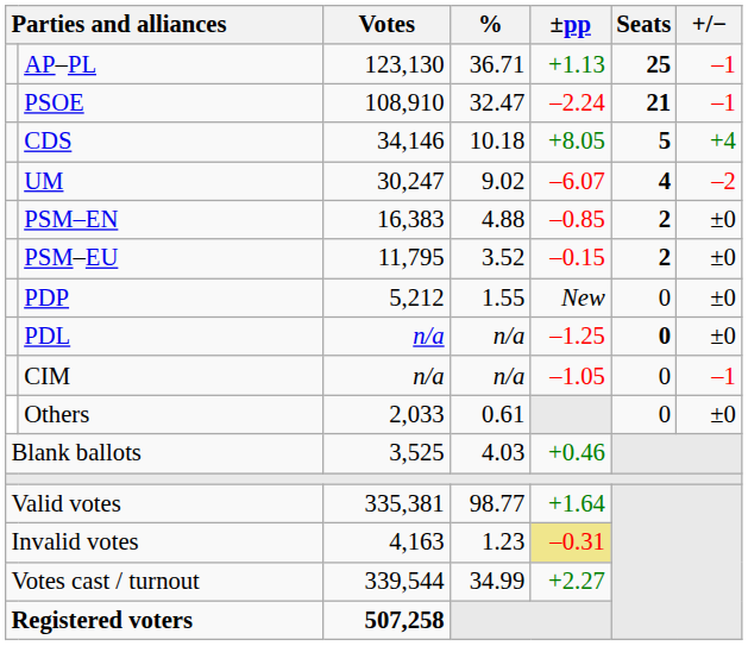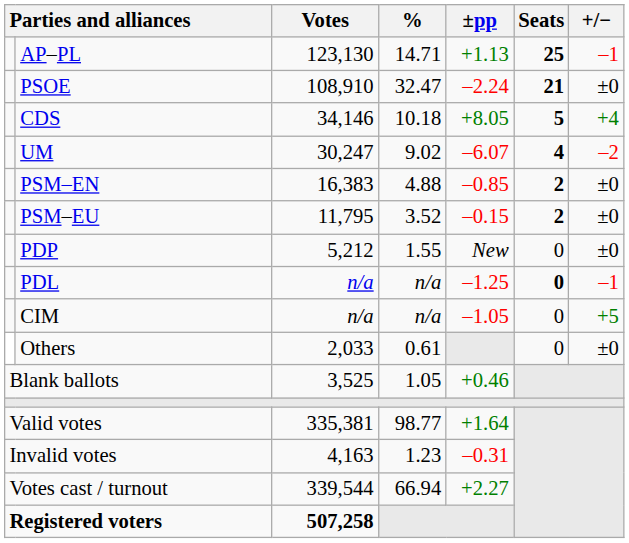 <table class="wikitable" style="text-align:right;">
 <tr>
 <th style="text-align:left;" colspan="2" width="200">Parties and alliances</th>
 <th width="75">Votes</th>
 <th width="45">%</th>
 <th width="45">±<a href='#'>pp</a></th>
 <th width="35">Seats</th>
 <th width="35">+/−</th>
 </tr>
 <tr>
 <td width="1" style="color:inherit;background:"></td>
 <td align="left"><a href='#'>AP</a>–<a href='#'>PL</a></td>
 <td>123,130</td>
-<td>36.71</td>
+<td>14.71</td>
 <td style="color:green;">+1.13</td>
 <td><strong>25</strong></td>
 <td style="color:red;">–1</td>
 </tr>
 <tr>
 <td style="color:inherit;background:"></td>
 <td align="left"><a href='#'>PSOE</a></td>
 <td>108,910</td>
 <td>32.47</td>
 <td style="color:red;">–2.24</td>
 <td><strong>21</strong></td>
-<td style="color:red;">–1</td>
+<td>±0</td>
 </tr>
 <tr>
 <td style="color:inherit;background:"></td>
 <td align="left"><a href='#'>CDS</a></td>
 <td>34,146</td>
 <td>10.18</td>
 <td style="color:green;">+8.05</td>
 <td><strong>5</strong></td>
 <td style="color:green;">+4</td>
 </tr>
 <tr>
 <td style="color:inherit;background:"></td>
 <td align="left"><a href='#'>UM</a></td>
 <td>30,247</td>
 <td>9.02</td>
 <td style="color:red;">–6.07</td>
 <td><strong>4</strong></td>
 <td style="color:red;">–2</td>
 </tr>
 <tr>
 <td style="color:inherit;background:"></td>
 <td align="left"><a href='#'>PSM–EN</a></td>
 <td>16,383</td>
 <td>4.88</td>
 <td style="color:red;">–0.85</td>
 <td><strong>2</strong></td>
 <td>±0</td>
 </tr>
 <tr>
 <td style="color:inherit;background:"></td>
 <td align="left"><a href='#'>PSM</a>–<a href='#'>EU</a></td>
 <td>11,795</td>
 <td>3.52</td>
 <td style="color:red;">–0.15</td>
 <td><strong>2</strong></td>
 <td>±0</td>
 </tr>
 <tr>
 <td style="color:inherit;background:"></td>
 <td align="left"><a href='#'>PDP</a></td>
 <td>5,212</td>
 <td>1.55</td>
 <td><em>New</em></td>
 <td>0</td>
 <td>±0</td>
 </tr>
 <tr>
 <td style="color:inherit;background:"></td>
 <td align="left"><a href='#'>PDL</a></td>
 <td><em><a href='#'>n/a</a></em></td>
 <td><em>n/a</em></td>
 <td style="color:red;">–1.25</td>
 <td><strong>0</strong></td>
-<td>±0</td>
+<td style="color:red;">–1</td>
 </tr>
 <tr>
 <td></td>
 <td align="left">CIM</td>
 <td><em>n/a</em></td>
 <td><em>n/a</em></td>
 <td style="color:red;">–1.05</td>
 <td>0</td>
-<td style="color:red;">–1</td>
+<td style="color:green;">+5</td>
 </tr>
 <tr>
 <td bgcolor="white"></td>
 <td align="left">Others</td>
 <td>2,033</td>
 <td>0.61</td>
 <td bgcolor="#E9E9E9"></td>
 <td>0</td>
 <td>±0</td>
 </tr>
 <tr>
 <td align="left" colspan="2">Blank ballots</td>
 <td>3,525</td>
-<td>4.03</td>
+<td>1.05</td>
 <td style="color:green;">+0.46</td>
 <td bgcolor="#E9E9E9" colspan="2"></td>
 </tr>
 <tr>
 <td colspan="7" bgcolor="#E9E9E9"></td>
 </tr>
 <tr>
 <td align="left" colspan="2">Valid votes</td>
 <td>335,381</td>
 <td>98.77</td>
 <td style="color:green;">+1.64</td>
 <td bgcolor="#E9E9E9" colspan="2" rowspan="4"></td>
 </tr>
 <tr>
 <td align="left" colspan="2">Invalid votes</td>
 <td>4,163</td>
 <td>1.23</td>
-<td style="background: khaki; color:red;">–0.31</td>
+<td style="color:red;">–0.31</td>
 </tr>
 <tr>
 <td align="left" colspan="2">Votes cast / turnout</td>
 <td>339,544</td>
-<td>34.99</td>
+<td>66.94</td>
 <td style="color:green;">+2.27</td>
 </tr>
 <tr style="font-weight:bold;">
 <td align="left" colspan="2">Registered voters</td>
 <td>507,258</td>
 <td bgcolor="#E9E9E9" colspan="2"></td>
 </tr>
 </table>
